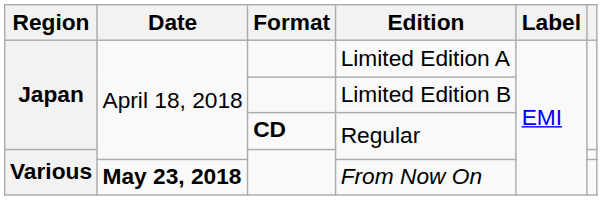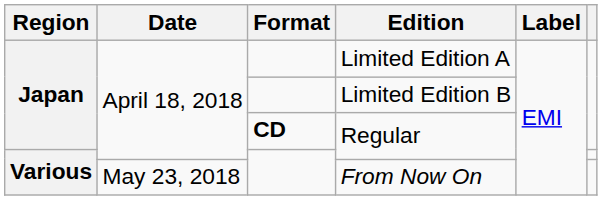 <table class="wikitable plainrowheaders">
 <tr>
 <th scope="col">Region</th>
 <th scope="col">Date</th>
 <th scope="col">Format</th>
 <th scope="col">Edition</th>
 <th scope="col">Label</th>
 <th scope="col"></th>
 </tr>
 <tr>
 <th scope="row" rowspan="3">Japan</th>
 <td rowspan="4">April 18, 2018</td>
 <td></td>
 <td>Limited Edition A</td>
 <td rowspan="5"><a href='#'>EMI</a></td>
 <td style="text-align:center" rowspan="3"></td>
 </tr>
 <tr>
 <td></td>
 <td>Limited Edition B</td>
 </tr>
 <tr>
 <td><strong>CD</strong></td>
 <td rowspan="2">Regular</td>
 </tr>
 <tr>
 <th scope="row" rowspan="2">Various</th>
 <td rowspan="2"></td>
 <td style="text-align:center"></td>
 </tr>
 <tr>
-<td><strong>May 23, 2018</strong></td>
+<td>May 23, 2018</td>
 <td><em>From Now On</em></td>
 <td style="text-align:center"></td>
 </tr>
 </table>
